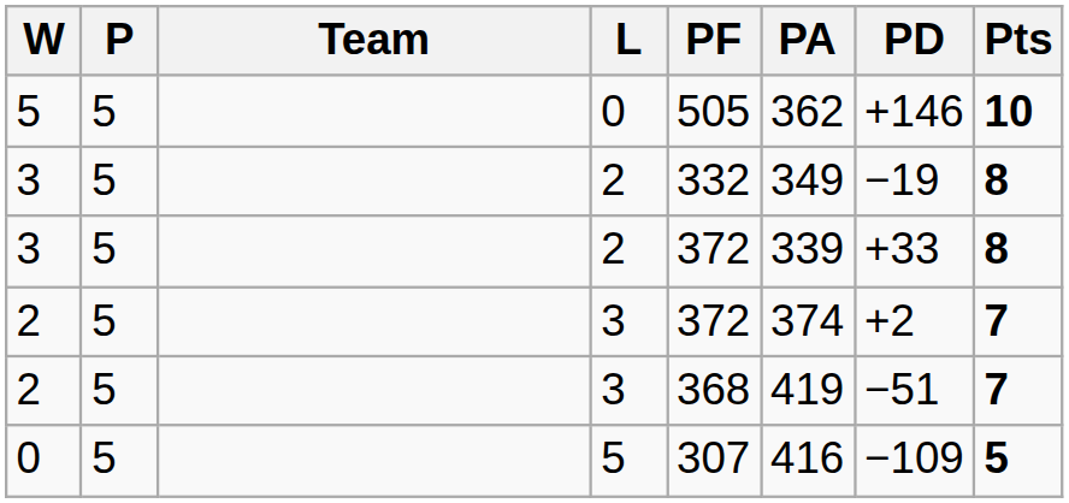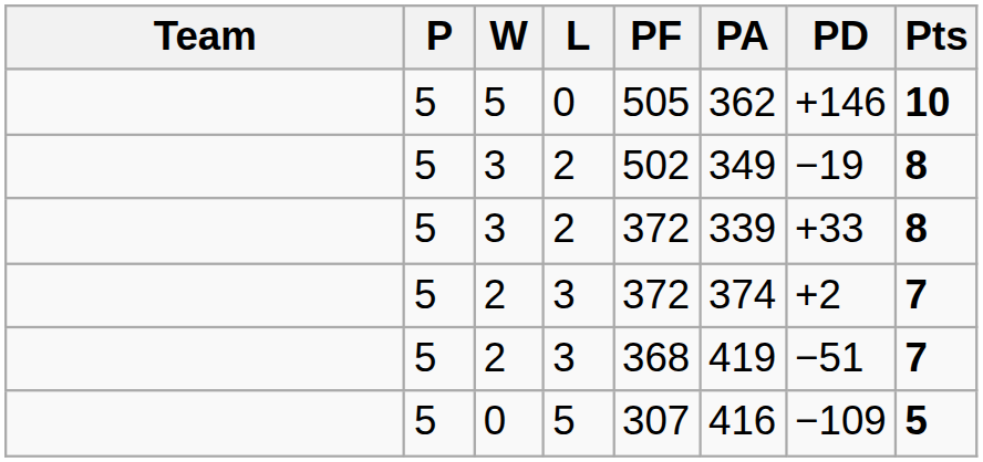 <table class="wikitable" style+"text-align:center;">
 <tr>
+<th width=150>Team</th>
+<th width=20>P</th>
 <th width=20>W</th>
-<th width=20>P</th>
-<th width=150>Team</th>
 <th width=20>L</th>
 <th width=20>PF</th>
 <th width=20>PA</th>
 <th width=20>PD</th>
 <th width=20>Pts</th>
 </tr>
 <tr>
+<td align="left"></td>
 <td>5</td>
 <td>5</td>
-<td align="left"></td>
 <td>0</td>
 <td>505</td>
 <td>362</td>
 <td>+146</td>
 <td><strong>10</strong></td>
 </tr>
 <tr>
+<td align="left"></td>
+<td>5</td>
 <td>3</td>
-<td>5</td>
-<td align="left"></td>
 <td>2</td>
-<td>332</td>
+<td>502</td>
 <td>349</td>
 <td>−19</td>
 <td><strong>8</strong></td>
 </tr>
 <tr>
+<td align="left"></td>
+<td>5</td>
 <td>3</td>
-<td>5</td>
-<td align="left"></td>
 <td>2</td>
 <td>372</td>
 <td>339</td>
 <td>+33</td>
 <td><strong>8</strong></td>
 </tr>
 <tr>
+<td align="left"></td>
+<td>5</td>
 <td>2</td>
-<td>5</td>
-<td align="left"></td>
 <td>3</td>
 <td>372</td>
 <td>374</td>
 <td>+2</td>
 <td><strong>7</strong></td>
 </tr>
 <tr>
+<td align="left"></td>
+<td>5</td>
 <td>2</td>
-<td>5</td>
-<td align="left"></td>
 <td>3</td>
 <td>368</td>
 <td>419</td>
 <td>−51</td>
 <td><strong>7</strong></td>
 </tr>
 <tr>
+<td align="left"></td>
+<td>5</td>
 <td>0</td>
-<td>5</td>
-<td align="left"></td>
 <td>5</td>
 <td>307</td>
 <td>416</td>
 <td>−109</td>
 <td><strong>5</strong></td>
 </tr>
 </table>
